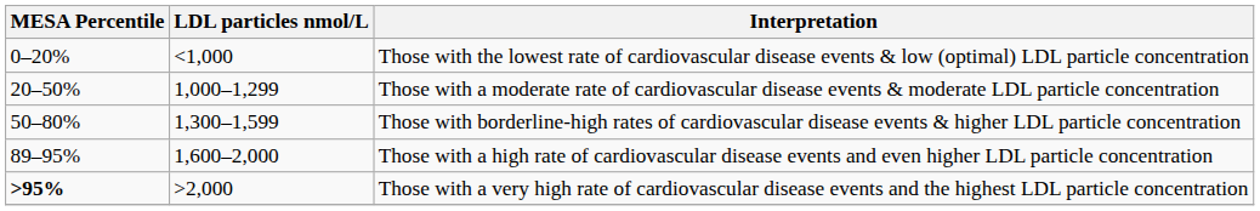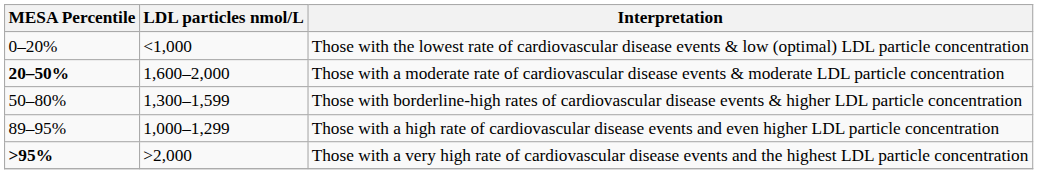 <table class="wikitable">
 <tr>
 <th>MESA Percentile</th>
 <th>LDL particles nmol/L</th>
 <th>Interpretation</th>
 </tr>
 <tr>
 <td>0–20%</td>
 <td><1,000</td>
 <td>Those with the lowest rate of cardiovascular disease events & low (optimal) LDL particle concentration</td>
 </tr>
 <tr>
-<td>20–50%</td>
-<td>1,000–1,299</td>
+<td><strong>20–50%</strong></td>
+<td>1,600–2,000</td>
 <td>Those with a moderate rate of cardiovascular disease events & moderate LDL particle concentration</td>
 </tr>
 <tr>
 <td>50–80%</td>
 <td>1,300–1,599</td>
 <td>Those with borderline-high rates of cardiovascular disease events & higher LDL particle concentration</td>
 </tr>
 <tr>
 <td>89–95%</td>
-<td>1,600–2,000</td>
+<td>1,000–1,299</td>
 <td>Those with a high rate of cardiovascular disease events and even higher LDL particle concentration</td>
 </tr>
 <tr>
 <td><strong>>95%</strong></td>
 <td>>2,000</td>
 <td>Those with a very high rate of cardiovascular disease events and the highest LDL particle concentration</td>
 </tr>
 <tr>
 </tr>
 </table>
